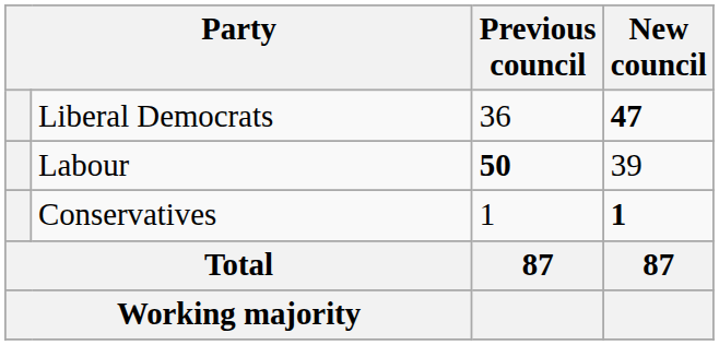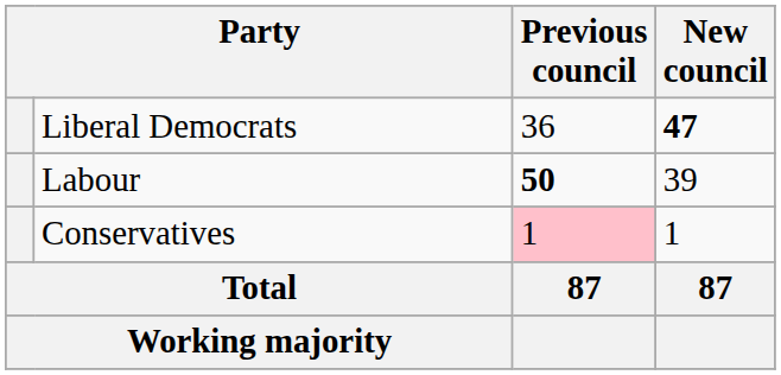 <table class="wikitable">
 <tr>
 <th valign=top colspan="2" style="width: 230px">Party</th>
 <th valign=top style="width: 30px">Previous council</th>
 <th valign=top style="width: 30px">New council</th>
 </tr>
 <tr>
 <th style="background-color: "></th>
 <td>Liberal Democrats</td>
 <td>36</td>
 <td><strong>47</strong></td>
 </tr>
 <tr>
 <th style="background-color: "></th>
 <td>Labour</td>
 <td><strong>50</strong></td>
 <td>39</td>
 </tr>
 <tr>
 <th style="background-color: "></th>
 <td>Conservatives</td>
+<td style="background: pink;">1</td>
 <td>1</td>
-<td><strong>1</strong></td>
 </tr>
 <tr>
 <th colspan=2>Total</th>
 <th style="text-align: center">87</th>
 <th colspan=3>87</th>
 </tr>
 <tr>
 <th colspan=2>Working majority</th>
 <th></th>
 <th></th>
 </tr>
 </table>
